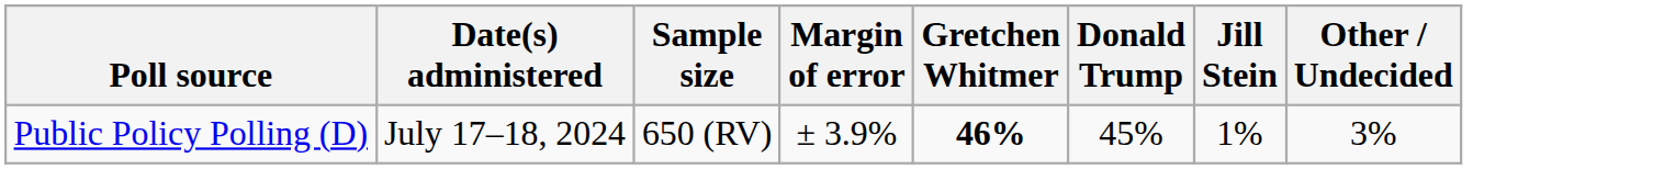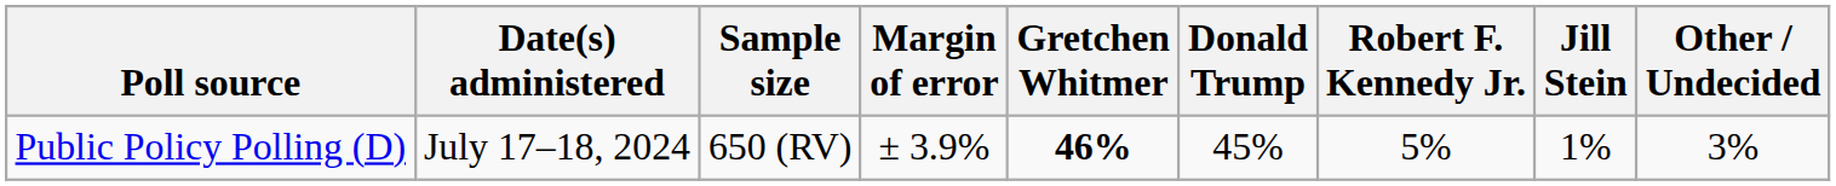 <table class="wikitable sortable mw-datatable" style="font-size:90%;text-align:center;line-height:17px">
 <tr style="vertical-align:bottom">
 <th>Poll source</th>
 <th>Date(s)<br>administered</th>
 <th>Sample<br>size</th>
 <th>Margin<br>of error</th>
 <th class="unsortable">Gretchen<br>Whitmer<br></th>
 <th class="unsortable">Donald<br>Trump<br></th>
+<th class="unsortable">Robert F.<br>Kennedy Jr.<br></th>
 <th class="unsortable">Jill<br>Stein<br></th>
 <th class="unsortable">Other /<br>Undecided</th>
 </tr>
 <tr>
 <td style="text-align:left;"><a href='#'>Public Policy Polling (D)</a></td>
 <td data-sort-value="2024-07-18">July 17–18, 2024</td>
 <td>650 (RV)</td>
 <td>± 3.9%</td>
 <td style="color:black;background-color:"><strong>46%</strong></td>
 <td>45%</td>
+<td>5%</td>
 <td>1%</td>
 <td>3%</td>
 </tr>
 </table>
